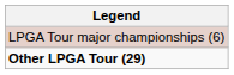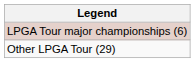 <table class="wikitable" style="font-size:95%;">
 <tr>
 <th>Legend</th>
 </tr>
 <tr style="background:#e5d1cb;">
 <td>LPGA Tour major championships (6)</td>
 </tr>
 <tr>
-<td><strong>Other LPGA Tour (29)</strong></td>
+<td>Other LPGA Tour (29)</td>
 </tr>
 </table>
